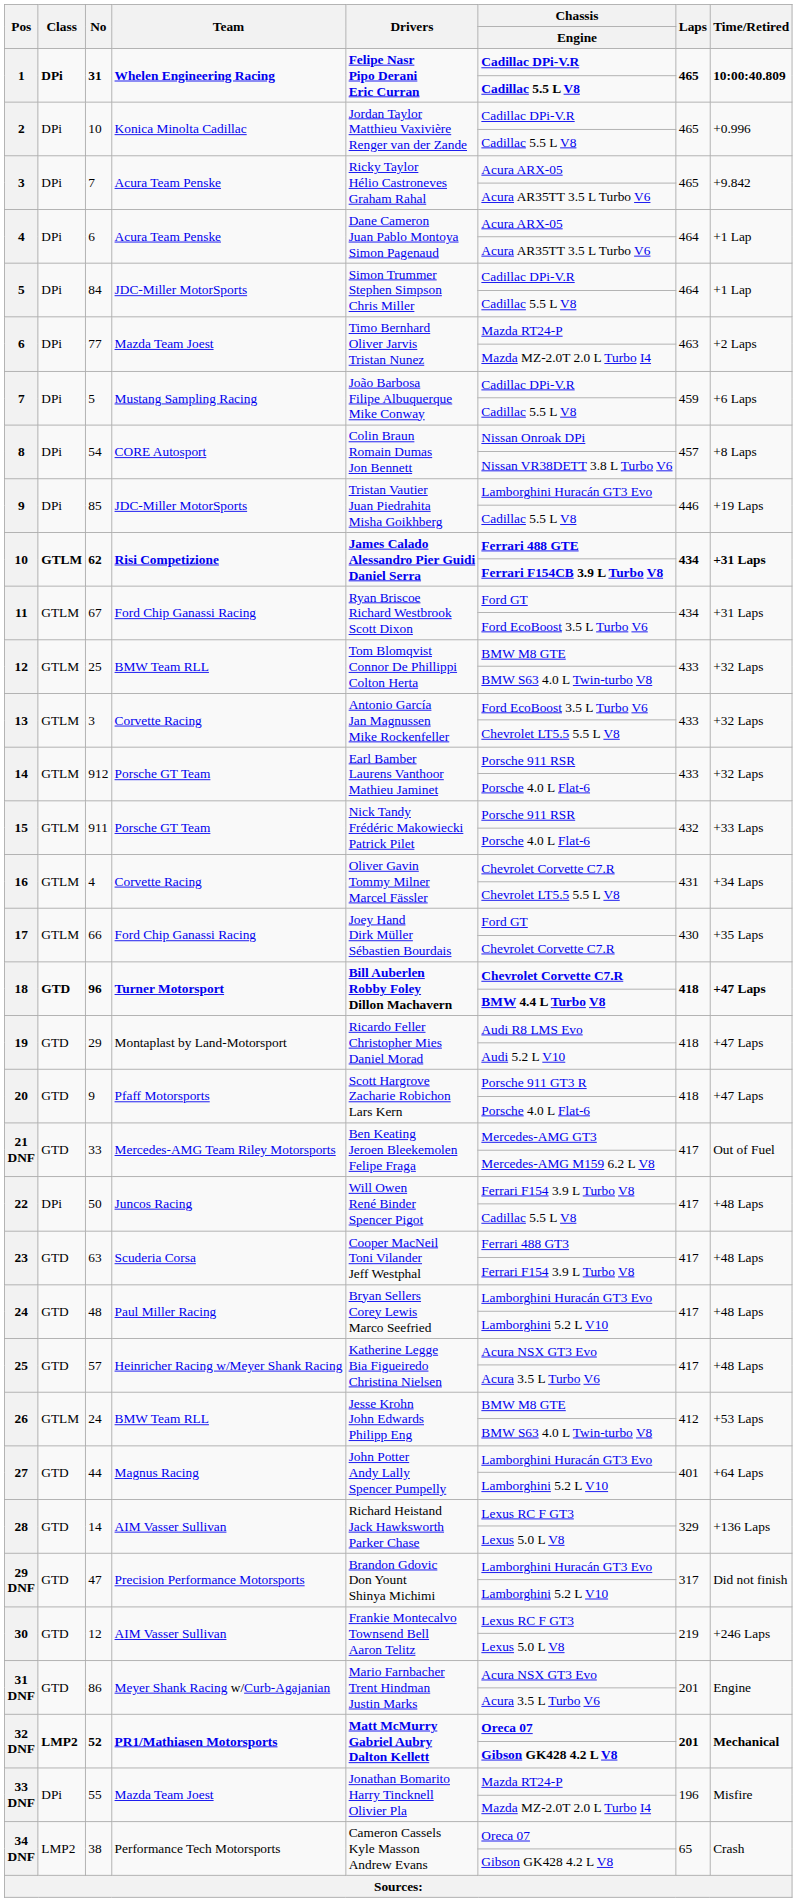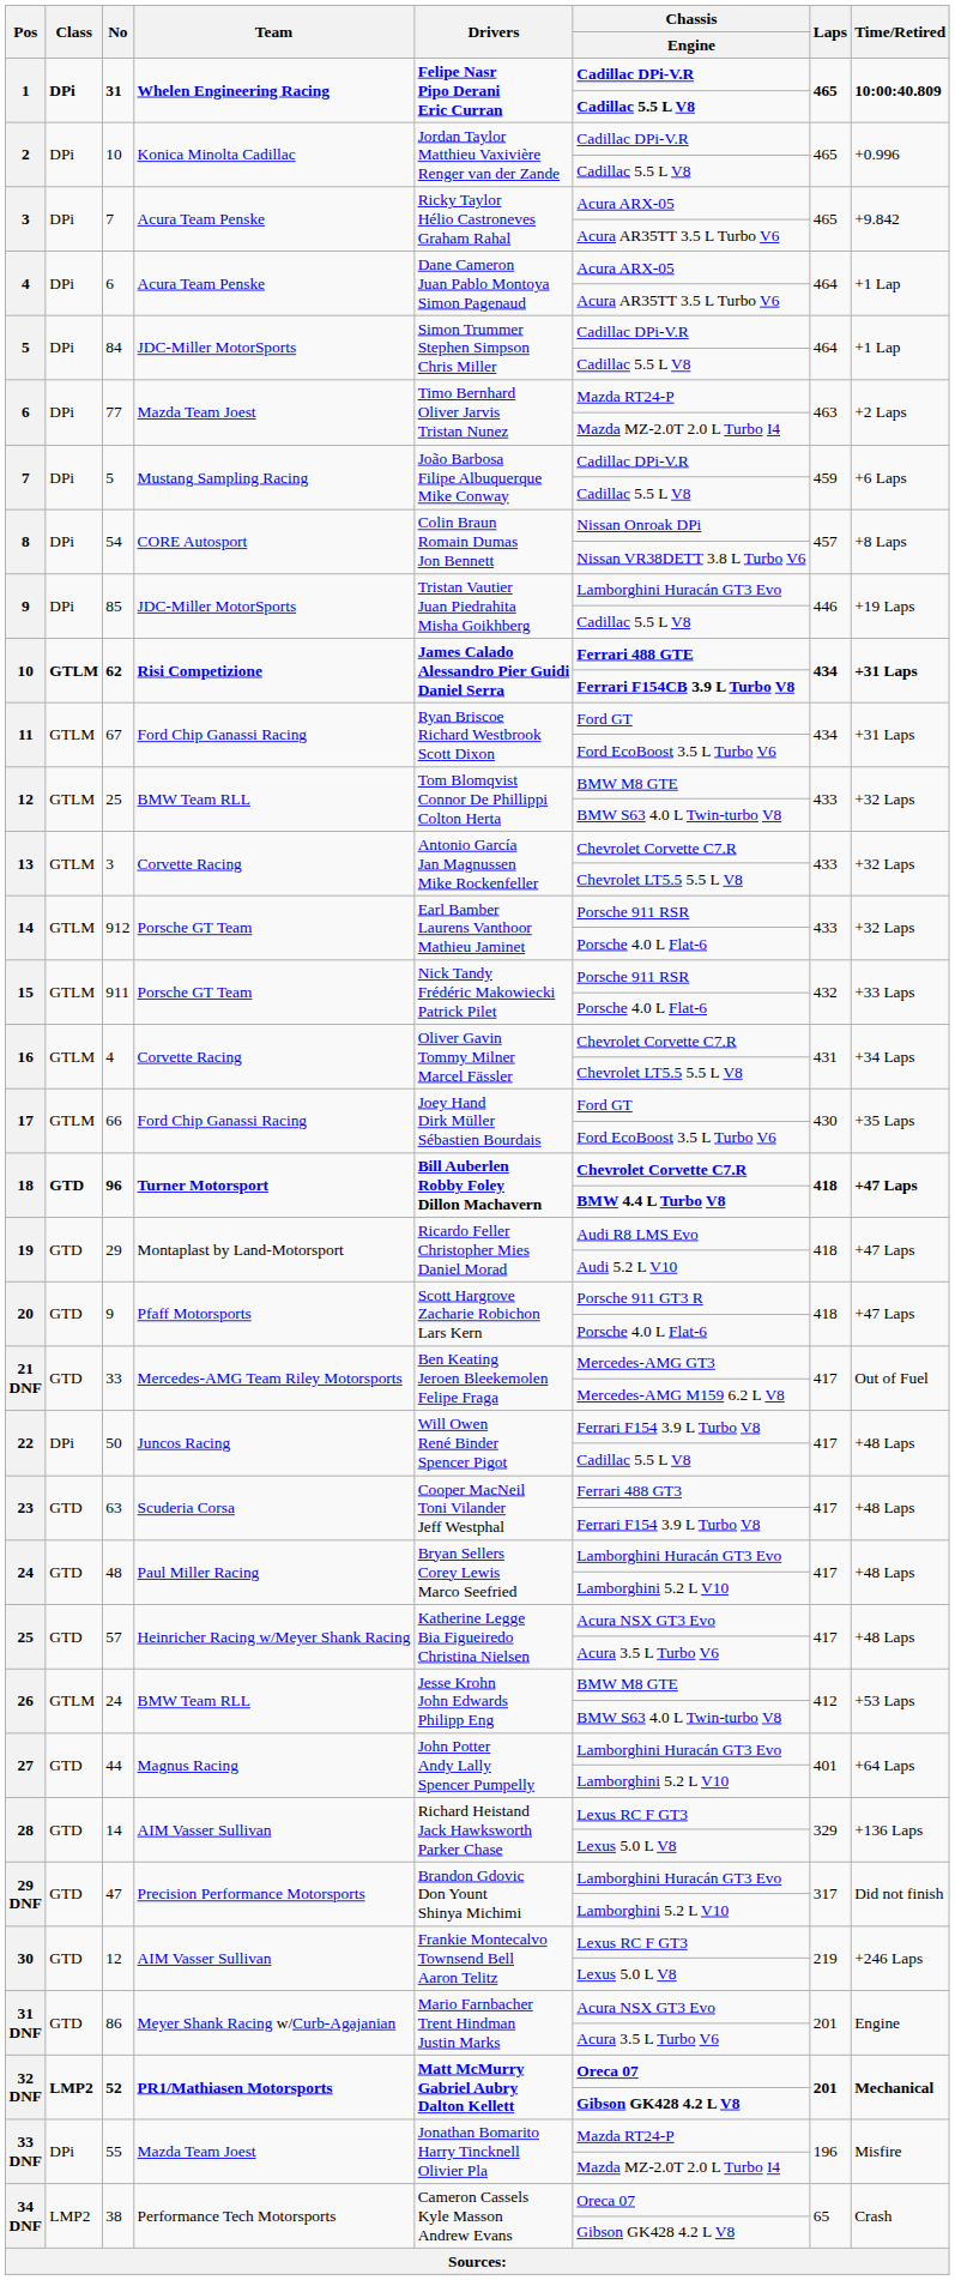 <table class="wikitable" style="font-size: 95%;">
 <tr>
 <th rowspan=2>Pos</th>
 <th rowspan=2>Class</th>
 <th rowspan=2>No</th>
 <th rowspan=2>Team</th>
 <th rowspan=2>Drivers</th>
 <th>Chassis</th>
 <th rowspan=2>Laps</th>
 <th rowspan=2>Time/Retired</th>
 </tr>
 <tr>
 <th>Engine</th>
 </tr>
 <tr style="font-weight:bold">
 <th rowspan=2>1</th>
 <td rowspan=2>DPi</td>
 <td rowspan=2>31</td>
 <td rowspan=2> <a href='#'>Whelen Engineering Racing</a></td>
 <td rowspan=2> <a href='#'>Felipe Nasr</a><br> <a href='#'>Pipo Derani</a><br> <a href='#'>Eric Curran</a></td>
 <td><a href='#'>Cadillac DPi-V.R</a></td>
 <td rowspan=2>465</td>
 <td rowspan=2>10:00:40.809</td>
 </tr>
 <tr style="font-weight:bold">
 <td><a href='#'>Cadillac</a> 5.5 L <a href='#'>V8</a></td>
 </tr>
 <tr>
 <th rowspan=2>2</th>
 <td rowspan=2>DPi</td>
 <td rowspan=2>10</td>
 <td rowspan=2> <a href='#'>Konica Minolta Cadillac</a></td>
 <td rowspan=2> <a href='#'>Jordan Taylor</a><br> <a href='#'>Matthieu Vaxivière</a><br> <a href='#'>Renger van der Zande</a></td>
 <td><a href='#'>Cadillac DPi-V.R</a></td>
 <td rowspan=2>465</td>
 <td rowspan=2>+0.996</td>
 </tr>
 <tr>
 <td><a href='#'>Cadillac</a> 5.5 L <a href='#'>V8</a></td>
 </tr>
 <tr>
 <th rowspan=2>3</th>
 <td rowspan=2>DPi</td>
 <td rowspan=2>7</td>
 <td rowspan=2> <a href='#'>Acura Team Penske</a></td>
 <td rowspan=2> <a href='#'>Ricky Taylor</a><br> <a href='#'>Hélio Castroneves</a><br> <a href='#'>Graham Rahal</a></td>
 <td><a href='#'>Acura ARX-05</a></td>
 <td rowspan=2>465</td>
 <td rowspan=2>+9.842</td>
 </tr>
 <tr>
 <td><a href='#'>Acura</a> AR35TT 3.5 L Turbo <a href='#'>V6</a></td>
 </tr>
 <tr>
 <th rowspan=2>4</th>
 <td rowspan=2>DPi</td>
 <td rowspan=2>6</td>
 <td rowspan=2> <a href='#'>Acura Team Penske</a></td>
 <td rowspan=2> <a href='#'>Dane Cameron</a><br> <a href='#'>Juan Pablo Montoya</a><br> <a href='#'>Simon Pagenaud</a></td>
 <td><a href='#'>Acura ARX-05</a></td>
 <td rowspan=2>464</td>
 <td rowspan=2>+1 Lap</td>
 </tr>
 <tr>
 <td><a href='#'>Acura</a> AR35TT 3.5 L Turbo <a href='#'>V6</a></td>
 </tr>
 <tr>
 <th rowspan=2>5</th>
 <td rowspan=2>DPi</td>
 <td rowspan=2>84</td>
 <td rowspan=2> <a href='#'>JDC-Miller MotorSports</a></td>
 <td rowspan=2> <a href='#'>Simon Trummer</a><br> <a href='#'>Stephen Simpson</a><br> <a href='#'>Chris Miller</a></td>
 <td><a href='#'>Cadillac DPi-V.R</a></td>
 <td rowspan=2>464</td>
 <td rowspan=2>+1 Lap</td>
 </tr>
 <tr>
 <td><a href='#'>Cadillac</a> 5.5 L <a href='#'>V8</a></td>
 </tr>
 <tr>
 <th rowspan=2>6</th>
 <td rowspan=2>DPi</td>
 <td rowspan=2>77</td>
 <td rowspan=2> <a href='#'>Mazda Team Joest</a></td>
 <td rowspan=2> <a href='#'>Timo Bernhard</a><br> <a href='#'>Oliver Jarvis</a><br> <a href='#'>Tristan Nunez</a></td>
 <td><a href='#'>Mazda RT24-P</a></td>
 <td rowspan=2>463</td>
 <td rowspan=2>+2 Laps</td>
 </tr>
 <tr>
 <td><a href='#'>Mazda</a> MZ-2.0T 2.0 L <a href='#'>Turbo</a> <a href='#'>I4</a></td>
 </tr>
 <tr>
 <th rowspan=2>7</th>
 <td rowspan=2>DPi</td>
 <td rowspan=2>5</td>
 <td rowspan=2> <a href='#'>Mustang Sampling Racing</a></td>
 <td rowspan=2> <a href='#'>João Barbosa</a><br> <a href='#'>Filipe Albuquerque</a><br> <a href='#'>Mike Conway</a></td>
 <td><a href='#'>Cadillac DPi-V.R</a></td>
 <td rowspan=2>459</td>
 <td rowspan=2>+6 Laps</td>
 </tr>
 <tr>
 <td><a href='#'>Cadillac</a> 5.5 L <a href='#'>V8</a></td>
 </tr>
 <tr>
 <th rowspan=2>8</th>
 <td rowspan=2>DPi</td>
 <td rowspan=2>54</td>
 <td rowspan=2> <a href='#'>CORE Autosport</a></td>
 <td rowspan=2> <a href='#'>Colin Braun</a><br> <a href='#'>Romain Dumas</a><br> <a href='#'>Jon Bennett</a></td>
 <td><a href='#'>Nissan Onroak DPi</a></td>
 <td rowspan=2>457</td>
 <td rowspan=2>+8 Laps</td>
 </tr>
 <tr>
 <td><a href='#'>Nissan VR38DETT</a> 3.8 L <a href='#'>Turbo</a> <a href='#'>V6</a></td>
 </tr>
 <tr>
 <th rowspan=2>9</th>
 <td rowspan=2>DPi</td>
 <td rowspan=2>85</td>
 <td rowspan=2> <a href='#'>JDC-Miller MotorSports</a></td>
 <td rowspan=2> <a href='#'>Tristan Vautier</a><br> <a href='#'>Juan Piedrahita</a><br> <a href='#'>Misha Goikhberg</a></td>
 <td><a href='#'>Lamborghini Huracán GT3 Evo</a></td>
 <td rowspan=2>446</td>
 <td rowspan=2>+19 Laps</td>
 </tr>
 <tr>
 <td><a href='#'>Cadillac</a> 5.5 L <a href='#'>V8</a></td>
 </tr>
 <tr style="font-weight:bold">
 <th rowspan=2>10</th>
 <td rowspan=2>GTLM</td>
 <td rowspan=2>62</td>
 <td rowspan=2> <a href='#'>Risi Competizione</a></td>
 <td rowspan=2> <a href='#'>James Calado</a><br> <a href='#'>Alessandro Pier Guidi</a><br> <a href='#'>Daniel Serra</a></td>
 <td><a href='#'>Ferrari 488 GTE</a></td>
 <td rowspan=2>434</td>
 <td rowspan=2>+31 Laps</td>
 </tr>
 <tr style="font-weight:bold">
 <td><a href='#'>Ferrari F154CB</a> 3.9 L <a href='#'>Turbo</a> <a href='#'>V8</a></td>
 </tr>
 <tr>
 <th rowspan=2>11</th>
 <td rowspan=2>GTLM</td>
 <td rowspan=2>67</td>
 <td rowspan=2> <a href='#'>Ford Chip Ganassi Racing</a></td>
 <td rowspan=2> <a href='#'>Ryan Briscoe</a><br> <a href='#'>Richard Westbrook</a><br> <a href='#'>Scott Dixon</a></td>
 <td><a href='#'>Ford GT</a></td>
 <td rowspan=2>434</td>
 <td rowspan=2>+31 Laps</td>
 </tr>
 <tr>
 <td><a href='#'>Ford EcoBoost</a> 3.5 L <a href='#'>Turbo</a> <a href='#'>V6</a></td>
 </tr>
 <tr>
 <th rowspan=2>12</th>
 <td rowspan=2>GTLM</td>
 <td rowspan=2>25</td>
 <td rowspan=2> <a href='#'>BMW Team RLL</a></td>
 <td rowspan=2> <a href='#'>Tom Blomqvist</a><br> <a href='#'>Connor De Phillippi</a><br> <a href='#'>Colton Herta</a></td>
 <td><a href='#'>BMW M8 GTE</a></td>
 <td rowspan=2>433</td>
 <td rowspan=2>+32 Laps</td>
 </tr>
 <tr>
 <td><a href='#'>BMW S63</a> 4.0 L <a href='#'>Twin-turbo</a> <a href='#'>V8</a></td>
 </tr>
 <tr>
 <th rowspan=2>13</th>
 <td rowspan=2>GTLM</td>
 <td rowspan=2>3</td>
 <td rowspan=2> <a href='#'>Corvette Racing</a></td>
 <td rowspan=2> <a href='#'>Antonio García</a><br> <a href='#'>Jan Magnussen</a><br> <a href='#'>Mike Rockenfeller</a></td>
-<td><a href='#'>Ford EcoBoost</a> 3.5 L <a href='#'>Turbo</a> <a href='#'>V6</a></td>
+<td><a href='#'>Chevrolet Corvette C7.R</a></td>
 <td rowspan=2>433</td>
 <td rowspan=2>+32 Laps</td>
 </tr>
 <tr>
 <td><a href='#'>Chevrolet LT5.5</a> 5.5 L <a href='#'>V8</a></td>
 </tr>
 <tr>
 <th rowspan=2>14</th>
 <td rowspan=2>GTLM</td>
 <td rowspan=2>912</td>
 <td rowspan=2> <a href='#'>Porsche GT Team</a></td>
 <td rowspan=2> <a href='#'>Earl Bamber</a><br> <a href='#'>Laurens Vanthoor</a><br> <a href='#'>Mathieu Jaminet</a></td>
 <td><a href='#'>Porsche 911 RSR</a></td>
 <td rowspan=2>433</td>
 <td rowspan=2>+32 Laps</td>
 </tr>
 <tr>
 <td><a href='#'>Porsche</a> 4.0 L <a href='#'>Flat-6</a></td>
 </tr>
 <tr>
 <th rowspan=2>15</th>
 <td rowspan=2>GTLM</td>
 <td rowspan=2>911</td>
 <td rowspan=2> <a href='#'>Porsche GT Team</a></td>
 <td rowspan=2> <a href='#'>Nick Tandy</a><br> <a href='#'>Frédéric Makowiecki</a><br> <a href='#'>Patrick Pilet</a></td>
 <td><a href='#'>Porsche 911 RSR</a></td>
 <td rowspan=2>432</td>
 <td rowspan=2>+33 Laps</td>
 </tr>
 <tr>
 <td><a href='#'>Porsche</a> 4.0 L <a href='#'>Flat-6</a></td>
 </tr>
 <tr>
 <th rowspan=2>16</th>
 <td rowspan=2>GTLM</td>
 <td rowspan=2>4</td>
 <td rowspan=2> <a href='#'>Corvette Racing</a></td>
 <td rowspan=2> <a href='#'>Oliver Gavin</a><br> <a href='#'>Tommy Milner</a><br> <a href='#'>Marcel Fässler</a></td>
 <td><a href='#'>Chevrolet Corvette C7.R</a></td>
 <td rowspan=2>431</td>
 <td rowspan=2>+34 Laps</td>
 </tr>
 <tr>
 <td><a href='#'>Chevrolet LT5.5</a> 5.5 L <a href='#'>V8</a></td>
 </tr>
 <tr>
 <th rowspan=2>17</th>
 <td rowspan=2>GTLM</td>
 <td rowspan=2>66</td>
 <td rowspan=2> <a href='#'>Ford Chip Ganassi Racing</a></td>
 <td rowspan=2> <a href='#'>Joey Hand</a><br> <a href='#'>Dirk Müller</a><br> <a href='#'>Sébastien Bourdais</a></td>
 <td><a href='#'>Ford GT</a></td>
 <td rowspan=2>430</td>
 <td rowspan=2>+35 Laps</td>
 </tr>
 <tr>
-<td><a href='#'>Chevrolet Corvette C7.R</a></td>
+<td><a href='#'>Ford EcoBoost</a> 3.5 L <a href='#'>Turbo</a> <a href='#'>V6</a></td>
 </tr>
 <tr style="font-weight:bold">
 <th rowspan=2>18</th>
 <td rowspan=2>GTD</td>
 <td rowspan=2>96</td>
 <td rowspan=2> <a href='#'>Turner Motorsport</a></td>
 <td rowspan=2> <a href='#'>Bill Auberlen</a><br> <a href='#'>Robby Foley</a><br> Dillon Machavern</td>
 <td><a href='#'>Chevrolet Corvette C7.R</a></td>
 <td rowspan=2>418</td>
 <td rowspan=2>+47 Laps</td>
 </tr>
 <tr style="font-weight:bold">
 <td><a href='#'>BMW</a> 4.4 L <a href='#'>Turbo</a> <a href='#'>V8</a></td>
 </tr>
 <tr>
 <th rowspan=2>19</th>
 <td rowspan=2>GTD</td>
 <td rowspan=2>29</td>
 <td rowspan=2> Montaplast by Land-Motorsport</td>
 <td rowspan=2> <a href='#'>Ricardo Feller</a><br> <a href='#'>Christopher Mies</a><br> <a href='#'>Daniel Morad</a></td>
 <td><a href='#'>Audi R8 LMS Evo</a></td>
 <td rowspan=2>418</td>
 <td rowspan=2>+47 Laps</td>
 </tr>
 <tr>
 <td><a href='#'>Audi</a> 5.2 L <a href='#'>V10</a></td>
 </tr>
 <tr>
 <th rowspan=2>20</th>
 <td rowspan=2>GTD</td>
 <td rowspan=2>9</td>
 <td rowspan=2> <a href='#'>Pfaff Motorsports</a></td>
 <td rowspan=2> <a href='#'>Scott Hargrove</a><br> <a href='#'>Zacharie Robichon</a><br> Lars Kern</td>
 <td><a href='#'>Porsche 911 GT3 R</a></td>
 <td rowspan=2>418</td>
 <td rowspan=2>+47 Laps</td>
 </tr>
 <tr>
 <td><a href='#'>Porsche</a> 4.0 L <a href='#'>Flat-6</a></td>
 </tr>
 <tr>
 <th rowspan=2>21<br>DNF</th>
 <td rowspan=2>GTD</td>
 <td rowspan=2>33</td>
 <td rowspan=2> <a href='#'>Mercedes-AMG Team Riley Motorsports</a></td>
 <td rowspan=2> <a href='#'>Ben Keating</a><br> <a href='#'>Jeroen Bleekemolen</a><br> <a href='#'>Felipe Fraga</a></td>
 <td><a href='#'>Mercedes-AMG GT3</a></td>
 <td rowspan=2>417</td>
 <td rowspan=2>Out of Fuel</td>
 </tr>
 <tr>
 <td><a href='#'>Mercedes-AMG M159</a> 6.2 L <a href='#'>V8</a></td>
 </tr>
 <tr>
 <th rowspan=2>22</th>
 <td rowspan=2>DPi</td>
 <td rowspan=2>50</td>
 <td rowspan=2> <a href='#'>Juncos Racing</a></td>
 <td rowspan=2> <a href='#'>Will Owen</a><br> <a href='#'>René Binder</a><br> <a href='#'>Spencer Pigot</a></td>
 <td><a href='#'>Ferrari F154</a> 3.9 L <a href='#'>Turbo</a> <a href='#'>V8</a></td>
 <td rowspan=2>417</td>
 <td rowspan=2>+48 Laps</td>
 </tr>
 <tr>
 <td><a href='#'>Cadillac</a> 5.5 L <a href='#'>V8</a></td>
 </tr>
 <tr>
 <th rowspan=2>23</th>
 <td rowspan=2>GTD</td>
 <td rowspan=2>63</td>
 <td rowspan=2> <a href='#'>Scuderia Corsa</a></td>
 <td rowspan=2> <a href='#'>Cooper MacNeil</a><br> <a href='#'>Toni Vilander</a><br> Jeff Westphal</td>
 <td><a href='#'>Ferrari 488 GT3</a></td>
 <td rowspan=2>417</td>
 <td rowspan=2>+48 Laps</td>
 </tr>
 <tr>
 <td><a href='#'>Ferrari F154</a> 3.9 L <a href='#'>Turbo</a> <a href='#'>V8</a></td>
 </tr>
 <tr>
 <th rowspan=2>24</th>
 <td rowspan=2>GTD</td>
 <td rowspan=2>48</td>
 <td rowspan=2> <a href='#'>Paul Miller Racing</a></td>
 <td rowspan=2> <a href='#'>Bryan Sellers</a><br> <a href='#'>Corey Lewis</a><br> Marco Seefried</td>
 <td><a href='#'>Lamborghini Huracán GT3 Evo</a></td>
 <td rowspan=2>417</td>
 <td rowspan=2>+48 Laps</td>
 </tr>
 <tr>
 <td><a href='#'>Lamborghini</a> 5.2 L <a href='#'>V10</a></td>
 </tr>
 <tr>
 <th rowspan=2>25</th>
 <td rowspan=2>GTD</td>
 <td rowspan=2>57</td>
 <td rowspan=2> <a href='#'>Heinricher Racing w/Meyer Shank Racing</a></td>
 <td rowspan=2> <a href='#'>Katherine Legge</a><br> <a href='#'>Bia Figueiredo</a><br> <a href='#'>Christina Nielsen</a></td>
 <td><a href='#'>Acura NSX GT3 Evo</a></td>
 <td rowspan=2>417</td>
 <td rowspan=2>+48 Laps</td>
 </tr>
 <tr>
 <td><a href='#'>Acura</a> 3.5 L <a href='#'>Turbo</a> <a href='#'>V6</a></td>
 </tr>
 <tr>
 <th rowspan=2>26</th>
 <td rowspan=2>GTLM</td>
 <td rowspan=2>24</td>
 <td rowspan=2> <a href='#'>BMW Team RLL</a></td>
 <td rowspan=2> <a href='#'>Jesse Krohn</a><br> <a href='#'>John Edwards</a><br> <a href='#'>Philipp Eng</a></td>
 <td><a href='#'>BMW M8 GTE</a></td>
 <td rowspan=2>412</td>
 <td rowspan=2>+53 Laps</td>
 </tr>
 <tr>
 <td><a href='#'>BMW S63</a> 4.0 L <a href='#'>Twin-turbo</a> <a href='#'>V8</a></td>
 </tr>
 <tr>
 <th rowspan=2>27</th>
 <td rowspan=2>GTD</td>
 <td rowspan=2>44</td>
 <td rowspan=2> <a href='#'>Magnus Racing</a></td>
 <td rowspan=2> <a href='#'>John Potter</a><br> <a href='#'>Andy Lally</a><br> <a href='#'>Spencer Pumpelly</a></td>
 <td><a href='#'>Lamborghini Huracán GT3 Evo</a></td>
 <td rowspan=2>401</td>
 <td rowspan=2>+64 Laps</td>
 </tr>
 <tr>
 <td><a href='#'>Lamborghini</a> 5.2 L <a href='#'>V10</a></td>
 </tr>
 <tr>
 <th rowspan=2>28</th>
 <td rowspan=2>GTD</td>
 <td rowspan=2>14</td>
 <td rowspan=2> <a href='#'>AIM Vasser Sullivan</a></td>
 <td rowspan=2> Richard Heistand<br> <a href='#'>Jack Hawksworth</a><br> <a href='#'>Parker Chase</a></td>
 <td><a href='#'>Lexus RC F GT3</a></td>
 <td rowspan=2>329</td>
 <td rowspan=2>+136 Laps</td>
 </tr>
 <tr>
 <td><a href='#'>Lexus</a> 5.0 L <a href='#'>V8</a></td>
 </tr>
 <tr>
 <th rowspan=2>29<br>DNF</th>
 <td rowspan=2>GTD</td>
 <td rowspan=2>47</td>
 <td rowspan=2> <a href='#'>Precision Performance Motorsports</a></td>
 <td rowspan=2> <a href='#'>Brandon Gdovic</a><br> Don Yount<br> Shinya Michimi</td>
 <td><a href='#'>Lamborghini Huracán GT3 Evo</a></td>
 <td rowspan=2>317</td>
 <td rowspan=2>Did not finish</td>
 </tr>
 <tr>
 <td><a href='#'>Lamborghini</a> 5.2 L <a href='#'>V10</a></td>
 </tr>
 <tr>
 <th rowspan=2>30</th>
 <td rowspan=2>GTD</td>
 <td rowspan=2>12</td>
 <td rowspan=2> <a href='#'>AIM Vasser Sullivan</a></td>
 <td rowspan=2> <a href='#'>Frankie Montecalvo</a><br> <a href='#'>Townsend Bell</a><br> <a href='#'>Aaron Telitz</a></td>
 <td><a href='#'>Lexus RC F GT3</a></td>
 <td rowspan=2>219</td>
 <td rowspan=2>+246 Laps</td>
 </tr>
 <tr>
 <td><a href='#'>Lexus</a> 5.0 L <a href='#'>V8</a></td>
 </tr>
 <tr>
 <th rowspan=2>31<br>DNF</th>
 <td rowspan=2>GTD</td>
 <td rowspan=2>86</td>
 <td rowspan=2> <a href='#'>Meyer Shank Racing</a> w/<a href='#'>Curb-Agajanian</a></td>
 <td rowspan=2> <a href='#'>Mario Farnbacher</a><br> <a href='#'>Trent Hindman</a><br> <a href='#'>Justin Marks</a></td>
 <td><a href='#'>Acura NSX GT3 Evo</a></td>
 <td rowspan=2>201</td>
 <td rowspan=2>Engine</td>
 </tr>
 <tr>
 <td><a href='#'>Acura</a> 3.5 L <a href='#'>Turbo</a> <a href='#'>V6</a></td>
 </tr>
 <tr style="font-weight:bold">
 <th rowspan=2>32<br>DNF</th>
 <td rowspan=2>LMP2</td>
 <td rowspan=2>52</td>
 <td rowspan=2> <a href='#'>PR1/Mathiasen Motorsports</a></td>
 <td rowspan=2> <a href='#'>Matt McMurry</a><br> <a href='#'>Gabriel Aubry</a><br> <a href='#'>Dalton Kellett</a></td>
 <td><a href='#'>Oreca 07</a></td>
 <td rowspan=2>201</td>
 <td rowspan=2>Mechanical</td>
 </tr>
 <tr style="font-weight:bold">
 <td><a href='#'>Gibson</a> GK428 4.2 L <a href='#'>V8</a></td>
 </tr>
 <tr>
 <th rowspan=2>33<br>DNF</th>
 <td rowspan=2>DPi</td>
 <td rowspan=2>55</td>
 <td rowspan=2> <a href='#'>Mazda Team Joest</a></td>
 <td rowspan=2> <a href='#'>Jonathan Bomarito</a><br> <a href='#'>Harry Tincknell</a><br> <a href='#'>Olivier Pla</a></td>
 <td><a href='#'>Mazda RT24-P</a></td>
 <td rowspan=2>196</td>
 <td rowspan=2>Misfire</td>
 </tr>
 <tr>
 <td><a href='#'>Mazda</a> MZ-2.0T 2.0 L <a href='#'>Turbo</a> <a href='#'>I4</a></td>
 </tr>
 <tr>
 <th rowspan=2>34<br>DNF</th>
 <td rowspan=2>LMP2</td>
 <td rowspan=2>38</td>
 <td rowspan=2> Performance Tech Motorsports</td>
 <td rowspan=2> Cameron Cassels<br> Kyle Masson<br> Andrew Evans</td>
 <td><a href='#'>Oreca 07</a></td>
 <td rowspan=2>65</td>
 <td rowspan=2>Crash</td>
 </tr>
 <tr>
 <td><a href='#'>Gibson</a> GK428 4.2 L <a href='#'>V8</a></td>
 </tr>
 <tr>
 <th colspan=8>Sources:</th>
 </tr>
 </table>
